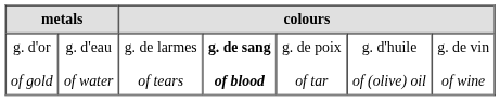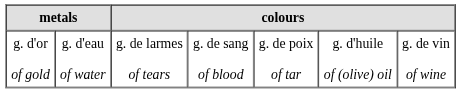 <table border="1" cellpadding="5" cellspacing="0" align="center">
 <tr>
 <th colspan="2" bgcolor=#E0E0E0><strong>metals</strong></th>
 <th colspan="5" bgcolor=#E0E0E0><strong>colours</strong></th>
 </tr>
 <tr>
 <td align="center">g. d'or<br><br><em>of gold</em></td>
 <td align="center">g. d'eau<br><br><em>of water</em></td>
 <td align="center">g. de larmes<br><br><em>of tears</em></td>
-<td align="center"><strong>g. de sang<br><br><em>of blood</em></strong></td>
+<td align="center">g. de sang<br><br><em>of blood</em></td>
 <td align="center">g. de poix<br><br><em>of tar</em></td>
 <td align="center">g. d'huile<br><br><em>of (olive) oil</em></td>
 <td align="center">g. de vin<br><br><em>of wine</em></td>
 </tr>
 </table>
